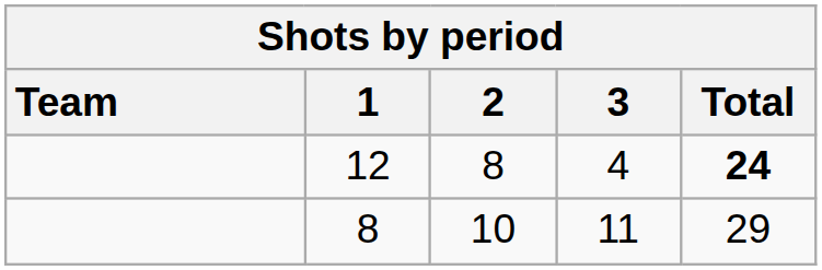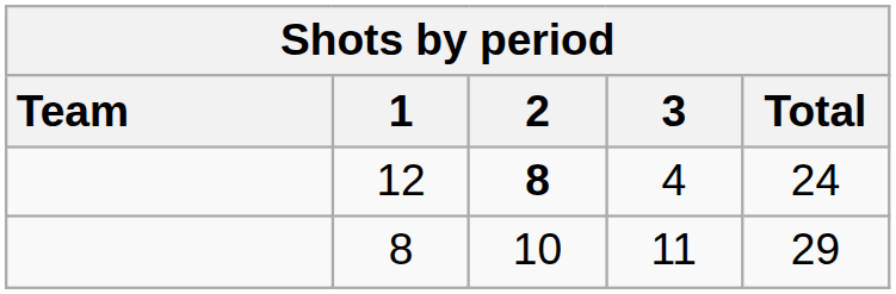 <table class="wikitable" style="width:20em; text-align:right;">
 <tr>
 <th colspan="6">Shots by period</th>
 </tr>
 <tr>
 <th style="width:8em; text-align:left;">Team</th>
 <th style="width:3em;">1</th>
 <th style="width:3em;">2</th>
 <th style="width:3em;">3</th>
 <th style="width:3em;">Total</th>
 </tr>
 <tr style="text-align:center;">
 <td style="text-align:left;"></td>
 <td>12</td>
-<td>8</td>
+<td><strong>8</strong></td>
 <td>4</td>
-<td><strong>24</strong></td>
+<td>24</td>
 </tr>
 <tr style="text-align:center;">
 <td style="text-align:left;"></td>
 <td>8</td>
 <td>10</td>
 <td>11</td>
 <td>29</td>
 </tr>
 </table>
